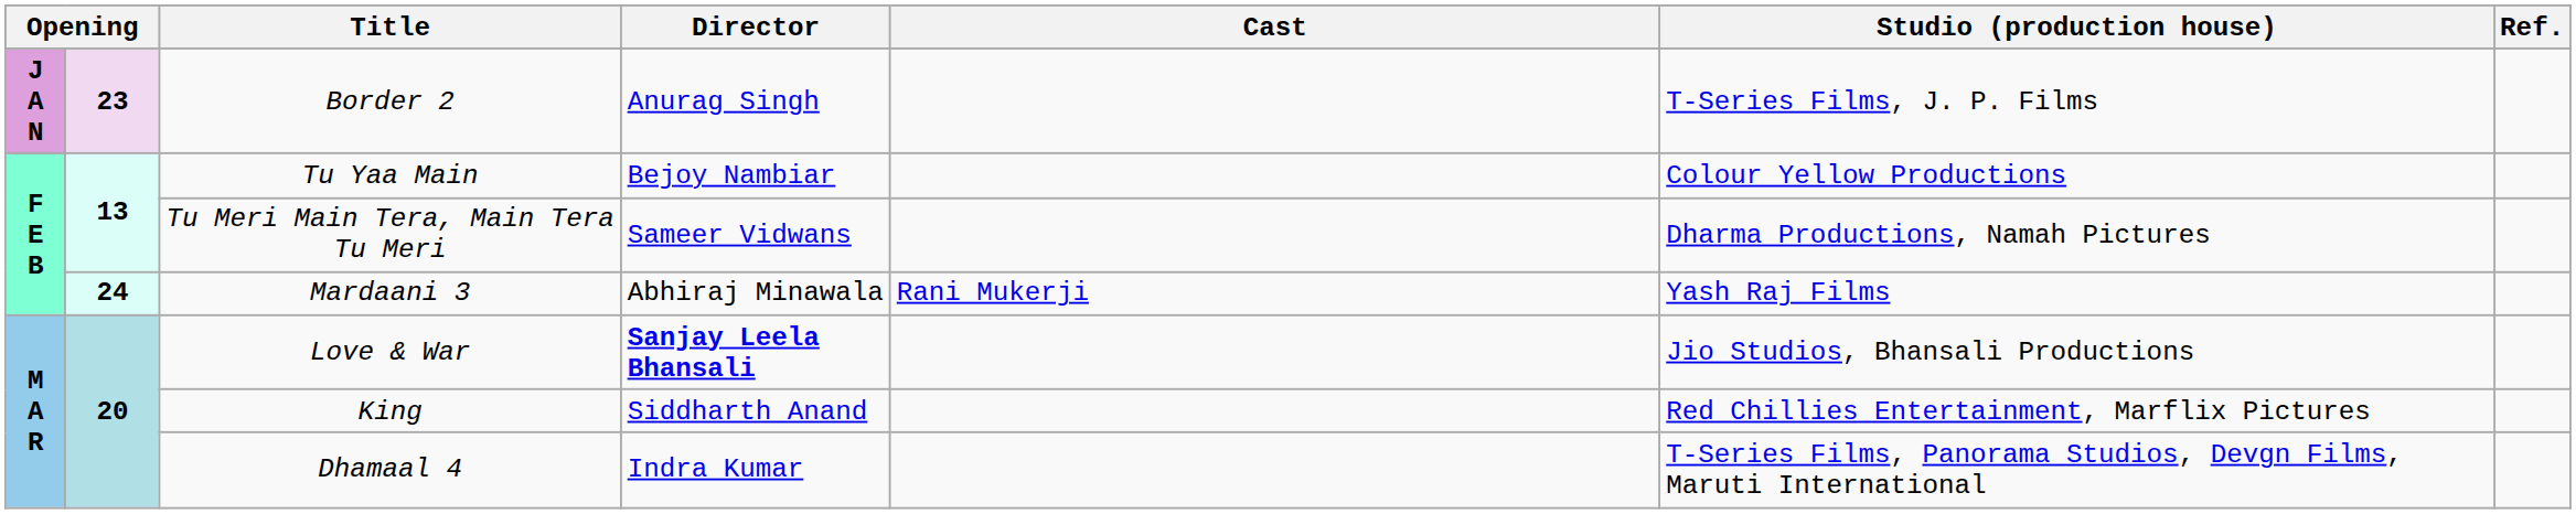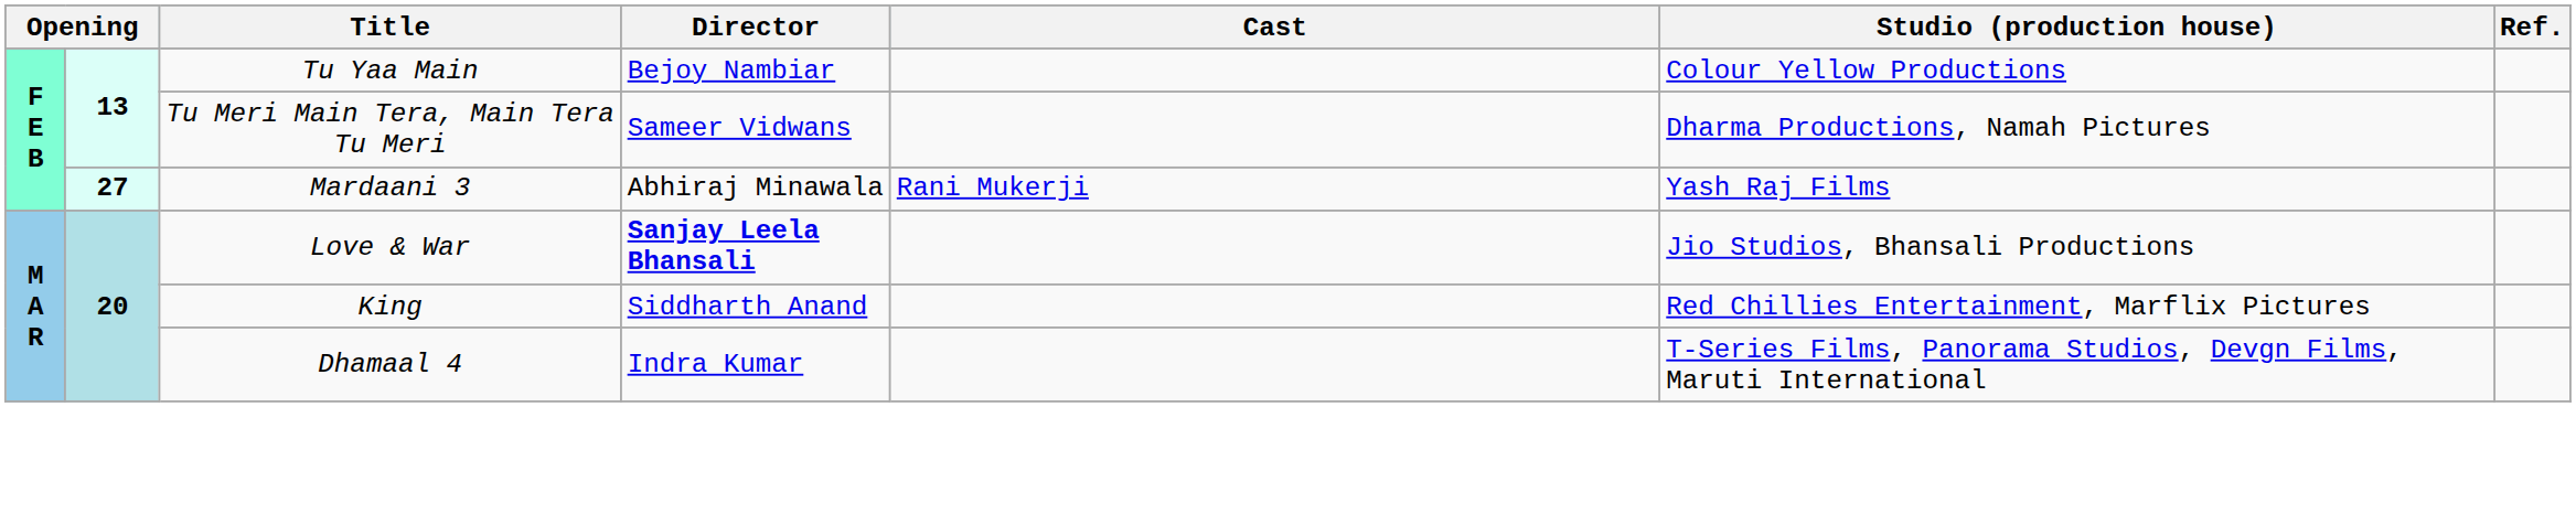 <table class="wikitable">
 <tr style="background:#b0e0e6; text-align:center;">
 <th colspan="2" style="width:6%;"><strong>Opening</strong></th>
 <th style="width:18%;"><strong>Title</strong></th>
 <th style="width:10.5%;"><strong>Director</strong></th>
 <th style="width:30%;"><strong>Cast</strong></th>
 <th>Studio (production house)</th>
 <th>Ref.</th>
-</tr>
-<tr>
-<td style="text-align:center; background:plum; textcolor:#000;"><strong>J<br>A<br>N</strong></td>
-<td style="text-align:center;background:#f1daf1;"><strong>23</strong></td>
-<td style="text-align:center;"><em>Border 2</em></td>
-<td><a href='#'>Anurag Singh</a></td>
-<td></td>
-<td><a href='#'>T-Series Films</a>, J. P. Films</td>
-<td></td>
 </tr>
 <tr>
 <td rowspan="3" style="text-align:center; background:#7FFFD4; textcolor:#000;"><strong>F<br>E<br>B</strong></td>
 <td rowspan="2" style="text-align:center; background:#dbfff8; textcolor:#000;"><strong>13</strong></td>
 <td style="text-align:center;"><em>Tu Yaa Main</em></td>
 <td><a href='#'>Bejoy Nambiar</a></td>
 <td></td>
 <td><a href='#'>Colour Yellow Productions</a></td>
 <td></td>
 </tr>
 <tr>
 <td style="text-align:center;"><em>Tu Meri Main Tera, Main Tera Tu Meri</em></td>
 <td><a href='#'>Sameer Vidwans</a></td>
 <td></td>
 <td><a href='#'>Dharma Productions</a>, Namah Pictures</td>
 <td></td>
 </tr>
 <tr>
-<td style="text-align:center; background:#dbfff8; textcolor:#000;"><strong>24</strong></td>
+<td style="text-align:center; background:#dbfff8; textcolor:#000;"><strong>27</strong></td>
 <td style="text-align:center;"><em>Mardaani 3</em></td>
 <td>Abhiraj Minawala</td>
 <td><a href='#'>Rani Mukerji</a></td>
 <td><a href='#'>Yash Raj Films</a></td>
 <td></td>
 </tr>
 <tr>
 <td rowspan="3" style="text-align:center; background:#93CCEA; textcolor:#000;"><strong>M<br>A<br>R</strong></td>
 <td rowspan="3" style="text-align:center;background:#B0E0E6;"><strong>20</strong></td>
 <td style="text-align:center;"><em>Love & War</em></td>
 <td><strong><a href='#'>Sanjay Leela Bhansali</a></strong></td>
 <td></td>
 <td><a href='#'>Jio Studios</a>, Bhansali Productions</td>
 <td></td>
 </tr>
 <tr>
 <td style="text-align:center;"><em>King</em></td>
 <td><a href='#'>Siddharth Anand</a></td>
 <td></td>
 <td><a href='#'>Red Chillies Entertainment</a>, Marflix Pictures</td>
 <td></td>
 </tr>
 <tr>
 <td style="text-align:center;"><em>Dhamaal 4</em></td>
 <td><a href='#'>Indra Kumar</a></td>
 <td></td>
 <td><a href='#'>T-Series Films</a>, <a href='#'>Panorama Studios</a>, <a href='#'>Devgn Films</a>, Maruti International</td>
 <td></td>
 </tr>
 </table>
